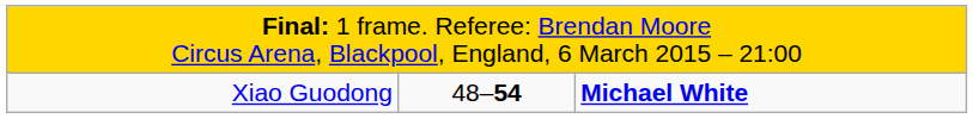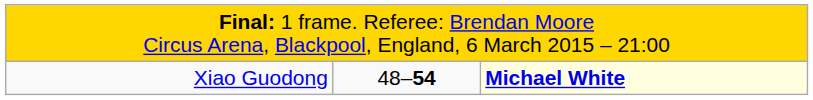 <table class="wikitable" style="font-size: 95%; margin: 1em auto 1em auto;">
 <tr>
 <td colspan="3" align="center" bgcolor="#ffd700"><strong>Final:</strong> 1 frame. Referee: <a href='#'>Brendan Moore</a><br> <a href='#'>Circus Arena</a>, <a href='#'>Blackpool</a>, England, 6 March 2015 – 21:00</td>
 </tr>
 <tr>
 <td width="230" align="right"><a href='#'>Xiao Guodong</a><br></td>
 <td width="100" align="center">48–<strong>54</strong></td>
-<td width="230"><strong><a href='#'>Michael White</a></strong><br></td>
+<td width="230" style="background: lightyellow;"><strong><a href='#'>Michael White</a></strong><br></td>
 </tr>
 </table>
